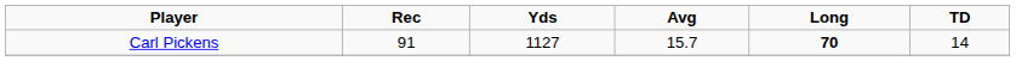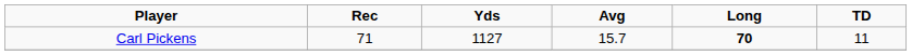 <table class="wikitable" width="80%">
 <tr align="center">
 <td><strong>Player</strong></td>
 <td><strong>Rec</strong></td>
 <td><strong>Yds</strong></td>
 <td><strong>Avg</strong></td>
 <td><strong>Long</strong></td>
 <td><strong>TD</strong></td>
 </tr>
 <tr align="center" bgcolor="">
 <td><a href='#'>Carl Pickens</a></td>
-<td>91</td>
+<td>71</td>
 <td>1127</td>
 <td>15.7</td>
 <td><strong>70</strong></td>
-<td>14</td>
+<td>11</td>
 </tr>
 <tr align="center" bgcolor="">
 </tr>
 </table>
